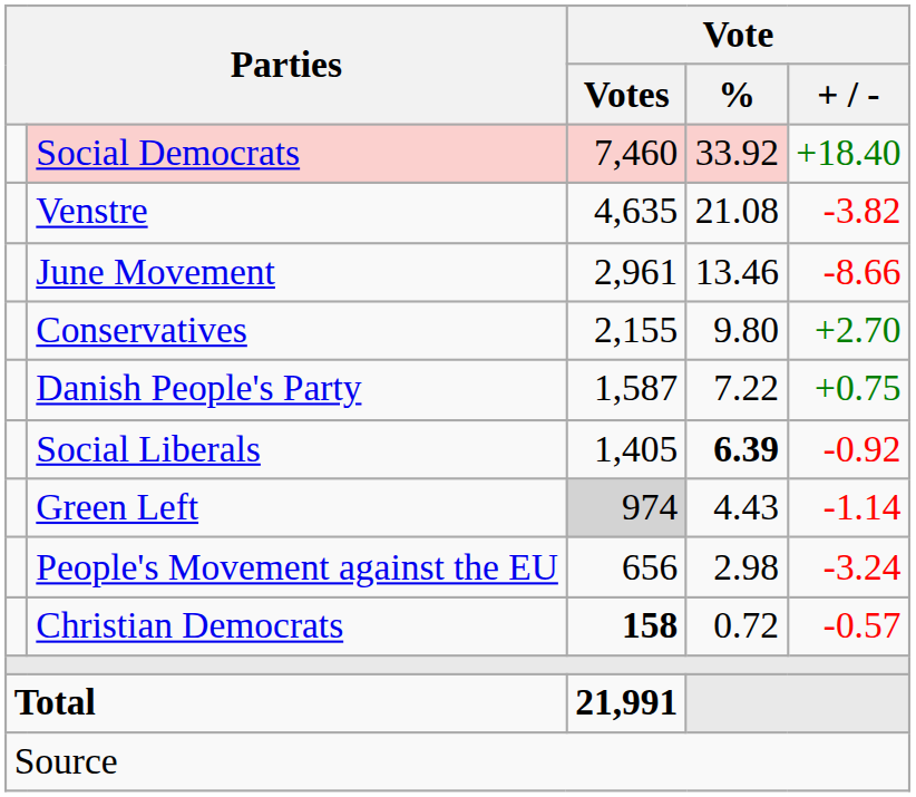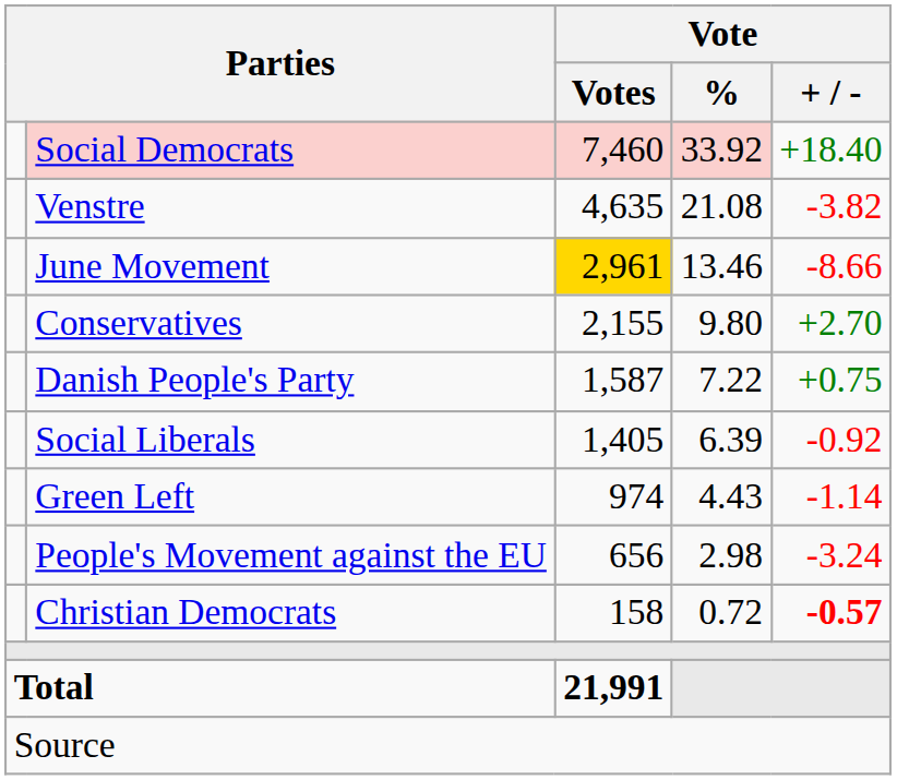 <table class="wikitable" style="text-align:right;">
 <tr>
 <th style="text-align:centre;" rowspan="2" colspan="2" width="225">Parties</th>
 <th colspan="3">Vote</th>
 </tr>
 <tr>
 <th width="15">Votes</th>
 <th width="15">%</th>
 <th width="15">+ / -</th>
 </tr>
 <tr>
 <td width="2" style="color:inherit;background:"></td>
 <td bgcolor=#fbd0ce   align="left"><a href='#'>Social Democrats</a></td>
 <td bgcolor=#fbd0ce>7,460</td>
 <td bgcolor=#fbd0ce>33.92</td>
 <td style=color:green;>+18.40</td>
 </tr>
 <tr>
 <td width="2" style="color:inherit;background:"></td>
 <td align="left"><a href='#'>Venstre</a></td>
 <td>4,635</td>
 <td>21.08</td>
 <td style=color:red;>-3.82</td>
 </tr>
 <tr>
 <td width="2" style="color:inherit;background:"></td>
 <td align="left"><a href='#'>June Movement</a></td>
-<td>2,961</td>
+<td style="background: gold;">2,961</td>
 <td>13.46</td>
 <td style=color:red;>-8.66</td>
 </tr>
 <tr>
 <td width="2" style="color:inherit;background:"></td>
 <td align="left"><a href='#'>Conservatives</a></td>
 <td>2,155</td>
 <td>9.80</td>
 <td style=color:green;>+2.70</td>
 </tr>
 <tr>
 <td width="2" style="color:inherit;background:"></td>
 <td align="left"><a href='#'>Danish People's Party</a></td>
 <td>1,587</td>
 <td>7.22</td>
 <td style=color:green;>+0.75</td>
 </tr>
 <tr>
 <td width="2" style="color:inherit;background:"></td>
 <td align="left"><a href='#'>Social Liberals</a></td>
 <td>1,405</td>
-<td><strong>6.39</strong></td>
+<td>6.39</td>
 <td style=color:red;>-0.92</td>
 </tr>
 <tr>
 <td width="2" style="color:inherit;background:"></td>
 <td align="left"><a href='#'>Green Left</a></td>
-<td style="background: lightgrey;">974</td>
+<td>974</td>
 <td>4.43</td>
 <td style=color:red;>-1.14</td>
 </tr>
 <tr>
 <td width="2" style="color:inherit;background:"></td>
 <td align="left"><a href='#'>People's Movement against the EU</a></td>
 <td>656</td>
 <td>2.98</td>
 <td style=color:red;>-3.24</td>
 </tr>
 <tr>
 <td width="2" style="color:inherit;background:"></td>
 <td align="left"><a href='#'>Christian Democrats</a></td>
-<td><strong>158</strong></td>
+<td>158</td>
 <td>0.72</td>
-<td style=color:red;>-0.57</td>
+<td style=color:red;><strong>-0.57</strong></td>
 </tr>
 <tr>
 <td colspan="7" bgcolor="#E9E9E9"></td>
 </tr>
 <tr>
 <td align="left" colspan="2"><strong>Total</strong></td>
 <td><strong>21,991</strong></td>
 <td bgcolor="#E9E9E9" colspan="2"></td>
 </tr>
 <tr>
 <td align="left" colspan="6">Source</td>
 </tr>
 </table>
